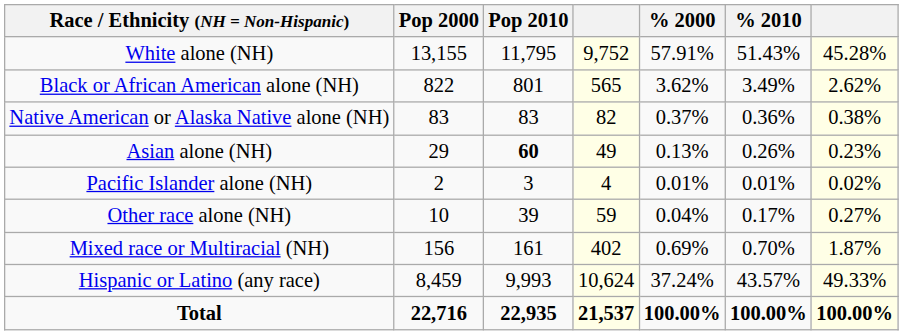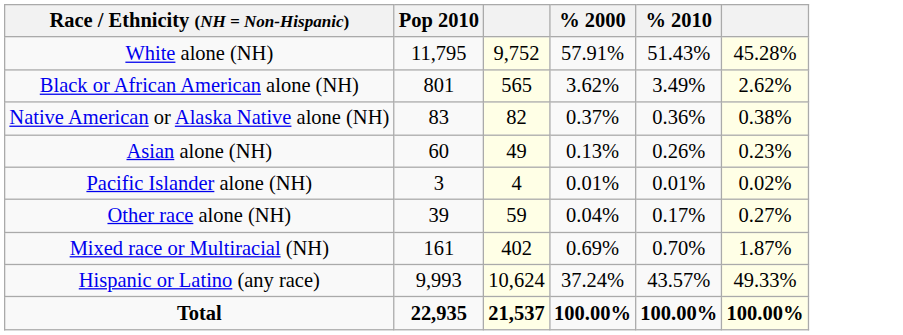 <table class="wikitable" style="text-align:center;">
 <tr>
 <th>Race / Ethnicity <small>(<em>NH = Non-Hispanic</em>)</small></th>
-<th>Pop 2000</th>
 <th>Pop 2010</th>
 <th></th>
 <th>% 2000</th>
 <th>% 2010</th>
 <th></th>
 </tr>
 <tr>
 <td><a href='#'>White</a> alone (NH)</td>
-<td>13,155</td>
 <td>11,795</td>
 <td style='background: #ffffe6;'>9,752</td>
 <td>57.91%</td>
 <td>51.43%</td>
 <td style='background: #ffffe6;'>45.28%</td>
 </tr>
 <tr>
 <td><a href='#'>Black or African American</a> alone (NH)</td>
-<td>822</td>
 <td>801</td>
 <td style='background: #ffffe6;'>565</td>
 <td>3.62%</td>
 <td>3.49%</td>
 <td style='background: #ffffe6;'>2.62%</td>
 </tr>
 <tr>
 <td><a href='#'>Native American</a> or <a href='#'>Alaska Native</a> alone (NH)</td>
 <td>83</td>
-<td>83</td>
 <td style='background: #ffffe6;'>82</td>
 <td>0.37%</td>
 <td>0.36%</td>
 <td style='background: #ffffe6;'>0.38%</td>
 </tr>
 <tr>
 <td><a href='#'>Asian</a> alone (NH)</td>
-<td>29</td>
-<td><strong>60</strong></td>
+<td>60</td>
 <td style='background: #ffffe6;'>49</td>
 <td>0.13%</td>
 <td>0.26%</td>
 <td style='background: #ffffe6;'>0.23%</td>
 </tr>
 <tr>
 <td><a href='#'>Pacific Islander</a> alone (NH)</td>
-<td>2</td>
 <td>3</td>
 <td style='background: #ffffe6;'>4</td>
 <td>0.01%</td>
 <td>0.01%</td>
 <td style='background: #ffffe6;'>0.02%</td>
 </tr>
 <tr>
 <td><a href='#'>Other race</a> alone (NH)</td>
-<td>10</td>
 <td>39</td>
 <td style='background: #ffffe6;'>59</td>
 <td>0.04%</td>
 <td>0.17%</td>
 <td style='background: #ffffe6;'>0.27%</td>
 </tr>
 <tr>
 <td><a href='#'>Mixed race or Multiracial</a> (NH)</td>
-<td>156</td>
 <td>161</td>
 <td style='background: #ffffe6;'>402</td>
 <td>0.69%</td>
 <td>0.70%</td>
 <td style='background: #ffffe6;'>1.87%</td>
 </tr>
 <tr>
 <td><a href='#'>Hispanic or Latino</a> (any race)</td>
-<td>8,459</td>
 <td>9,993</td>
 <td style='background: #ffffe6;'>10,624</td>
 <td>37.24%</td>
 <td>43.57%</td>
 <td style='background: #ffffe6;'>49.33%</td>
 </tr>
 <tr>
 <td><strong>Total</strong></td>
-<td><strong>22,716</strong></td>
 <td><strong>22,935</strong></td>
 <td style='background: #ffffe6;'><strong>21,537</strong></td>
 <td><strong>100.00%</strong></td>
 <td><strong>100.00%</strong></td>
 <td style='background: #ffffe6;'><strong>100.00%</strong></td>
 </tr>
 </table>
